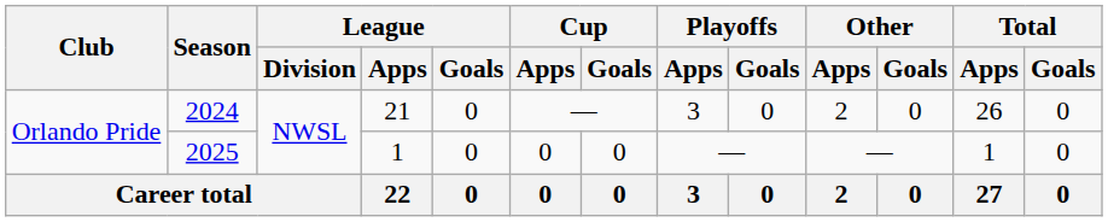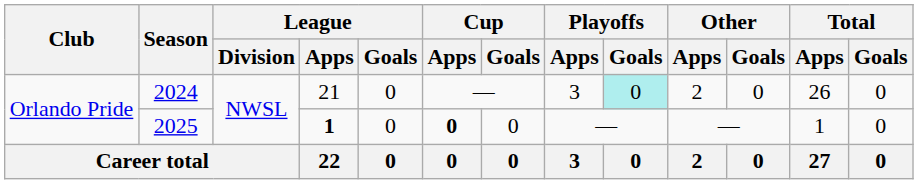 <table class="wikitable" style="text-align: center;">
 <tr>
 <th rowspan="2">Club</th>
 <th rowspan="2">Season</th>
 <th colspan="3">League</th>
 <th colspan="2">Cup</th>
 <th colspan="2">Playoffs</th>
 <th colspan="2">Other</th>
 <th colspan="2">Total</th>
 </tr>
 <tr>
 <th>Division</th>
 <th>Apps</th>
 <th>Goals</th>
 <th>Apps</th>
 <th>Goals</th>
 <th>Apps</th>
 <th>Goals</th>
 <th>Apps</th>
 <th>Goals</th>
 <th>Apps</th>
 <th>Goals</th>
 </tr>
 <tr>
 <td rowspan="2"><a href='#'>Orlando Pride</a></td>
 <td><a href='#'>2024</a></td>
 <td rowspan="2"><a href='#'>NWSL</a></td>
 <td>21</td>
 <td>0</td>
 <td colspan="2">—</td>
 <td>3</td>
-<td>0</td>
+<td style="background: paleturquoise;">0</td>
 <td>2</td>
 <td>0</td>
 <td>26</td>
 <td>0</td>
 </tr>
 <tr>
 <td><a href='#'>2025</a></td>
-<td>1</td>
+<td><strong>1</strong></td>
 <td>0</td>
-<td>0</td>
+<td><strong>0</strong></td>
 <td>0</td>
 <td colspan="2">—</td>
 <td colspan="2">—</td>
 <td>1</td>
 <td>0</td>
 </tr>
 <tr>
 <th colspan="3">Career total</th>
 <th>22</th>
 <th>0</th>
 <th>0</th>
 <th>0</th>
 <th>3</th>
 <th>0</th>
 <th>2</th>
 <th>0</th>
 <th>27</th>
 <th>0</th>
 </tr>
 </table>
